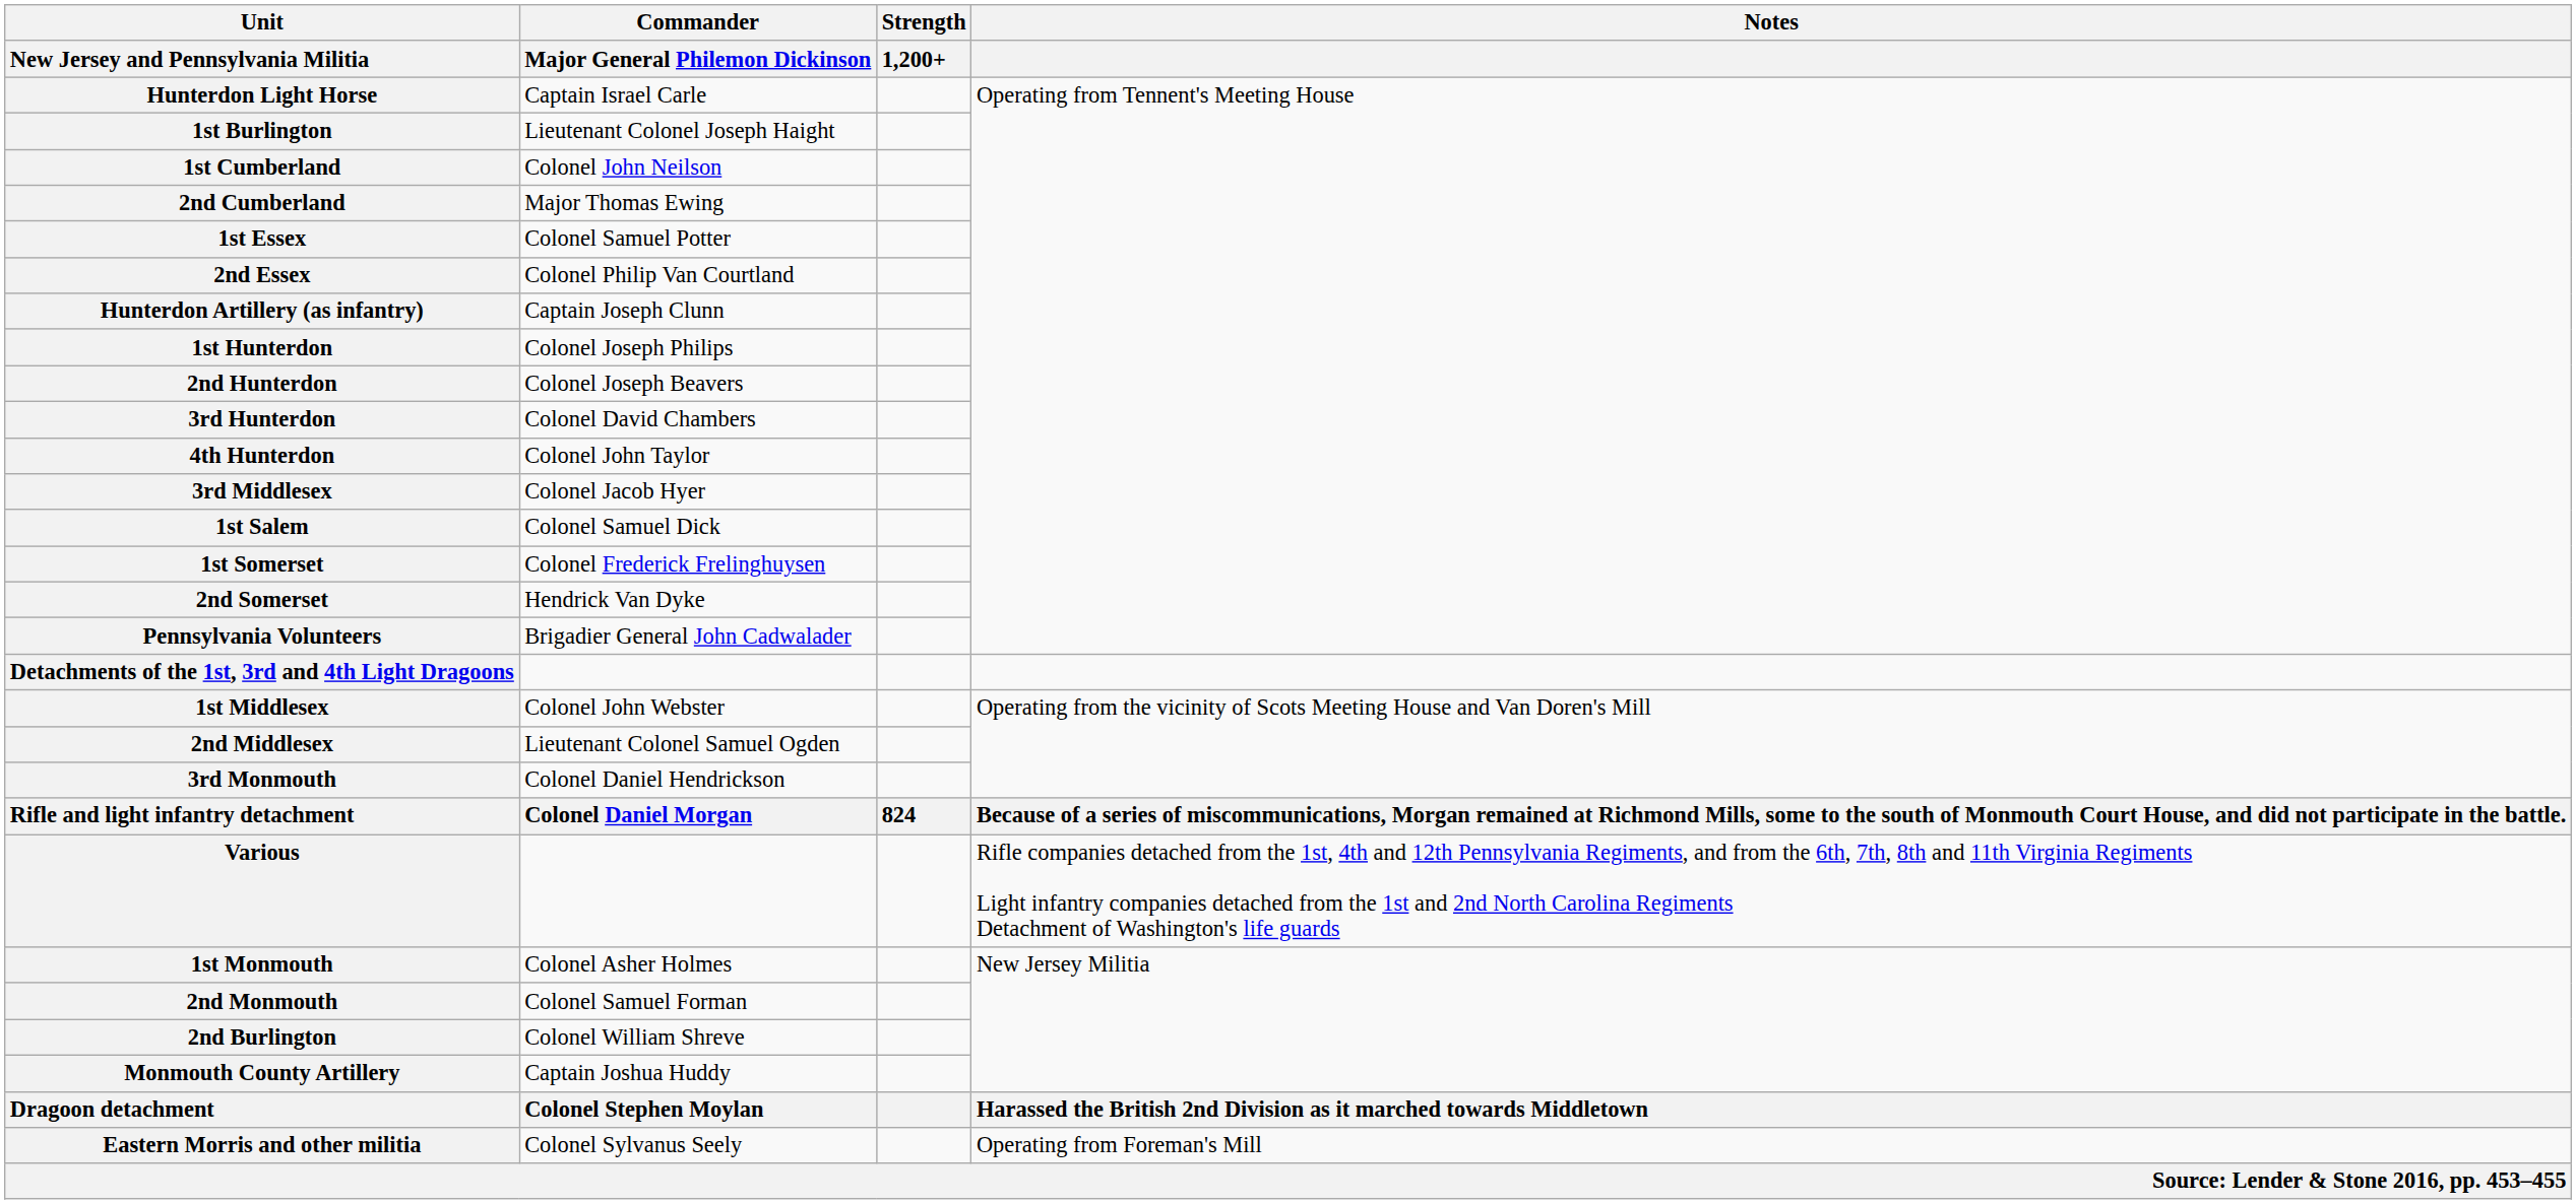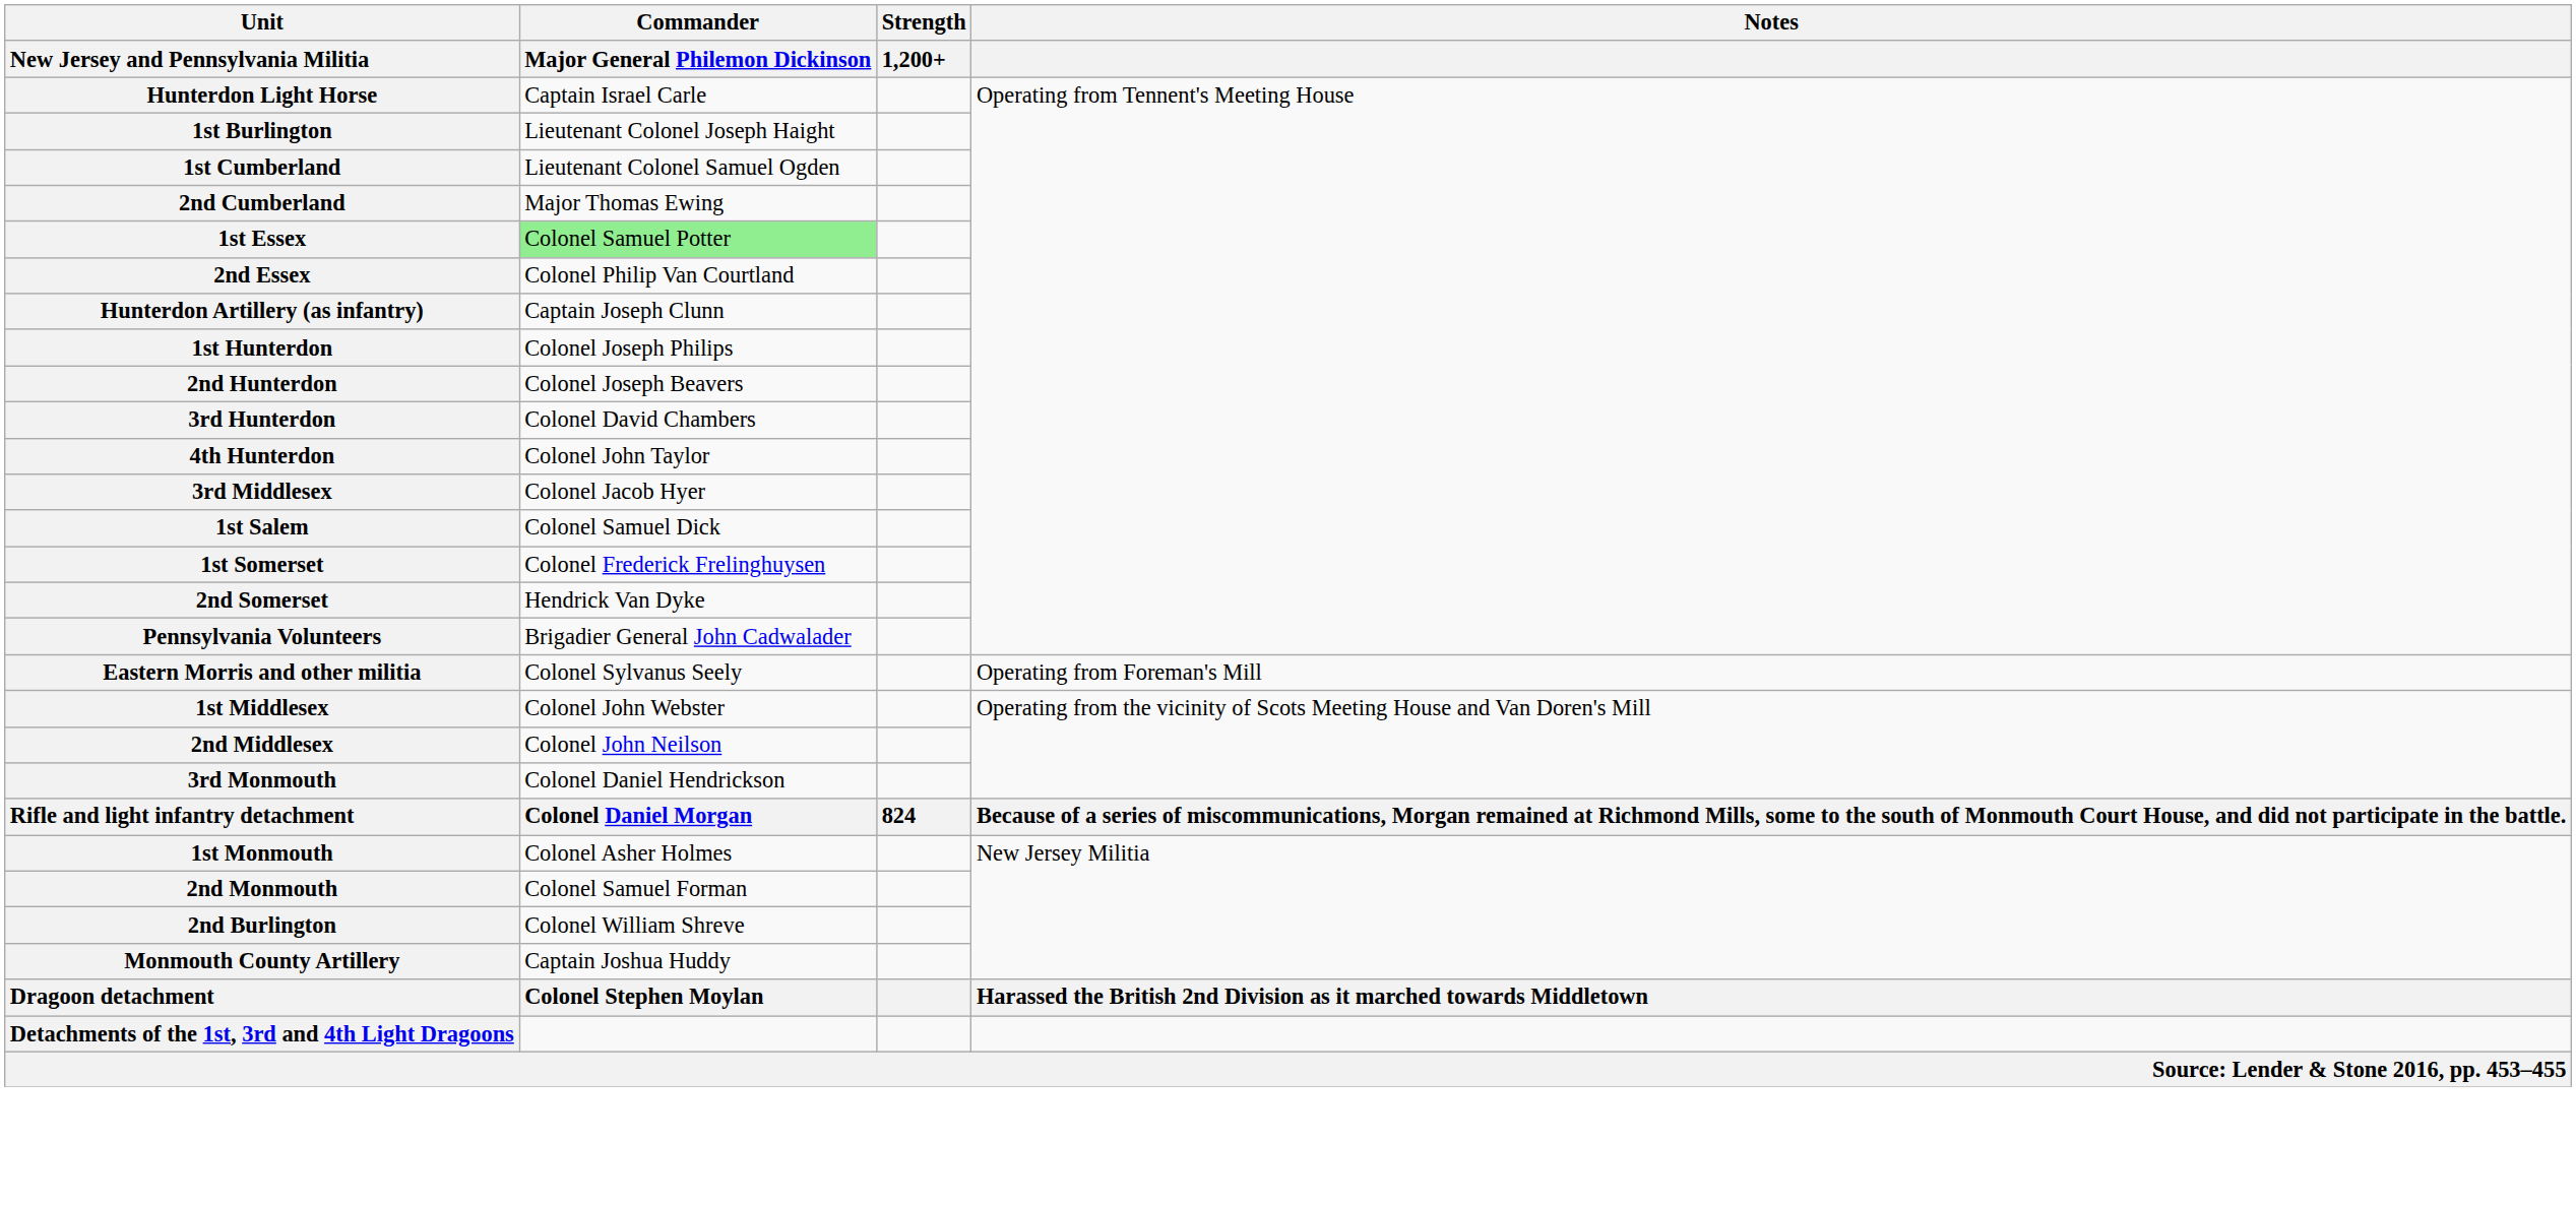 <table class="wikitable plainrowheaders">
 <tr>
 <th scope="col">Unit</th>
 <th scope="col">Commander</th>
 <th scope="col">Strength</th>
 <th scope="col">Notes</th>
 </tr>
 <tr>
 <th scope="col" style="text-align: left;">New Jersey and Pennsylvania Militia</th>
 <th scope="row" style="text-align: left;">Major General <a href='#'>Philemon Dickinson</a></th>
 <th scope="row" style="text-align: left;">1,200+</th>
 <th scope="row" style="text-align: left;"></th>
 </tr>
 <tr>
 <th scope="row">Hunterdon Light Horse</th>
 <td>Captain Israel Carle</td>
 <td></td>
 <td rowspan="16"  style="vertical-align: top;">Operating from Tennent's Meeting House</td>
 </tr>
 <tr>
 <th scope="row">1st Burlington</th>
 <td>Lieutenant Colonel Joseph Haight</td>
 <td></td>
 </tr>
 <tr>
 <th scope="row">1st Cumberland</th>
-<td>Colonel <a href='#'>John Neilson</a></td>
+<td>Lieutenant Colonel Samuel Ogden</td>
 <td></td>
 </tr>
 <tr>
 <th scope="row">2nd Cumberland</th>
 <td>Major Thomas Ewing</td>
 <td></td>
 </tr>
 <tr>
 <th scope="row">1st Essex</th>
-<td>Colonel Samuel Potter</td>
+<td style="background: lightgreen;">Colonel Samuel Potter</td>
 <td></td>
 </tr>
 <tr>
 <th scope="row">2nd Essex</th>
 <td>Colonel Philip Van Courtland</td>
 <td></td>
 </tr>
 <tr>
 <th scope="row">Hunterdon Artillery (as infantry)</th>
 <td>Captain Joseph Clunn</td>
 <td></td>
 </tr>
 <tr>
 <th scope="row">1st Hunterdon</th>
 <td>Colonel Joseph Philips</td>
 <td></td>
 </tr>
 <tr>
 <th scope="row">2nd Hunterdon</th>
 <td>Colonel Joseph Beavers</td>
 <td></td>
 </tr>
 <tr>
 <th scope="row">3rd Hunterdon</th>
 <td>Colonel David Chambers</td>
 <td></td>
 </tr>
 <tr>
 <th scope="row">4th Hunterdon</th>
 <td>Colonel John Taylor</td>
 <td></td>
 </tr>
 <tr>
 <th scope="row">3rd Middlesex</th>
 <td>Colonel Jacob Hyer</td>
 <td></td>
 </tr>
 <tr>
 <th scope="row">1st Salem</th>
 <td>Colonel Samuel Dick</td>
 <td></td>
 </tr>
 <tr>
 <th scope="row">1st Somerset</th>
 <td>Colonel <a href='#'>Frederick Frelinghuysen</a></td>
 <td></td>
 </tr>
 <tr>
 <th scope="row">2nd Somerset</th>
 <td>Hendrick Van Dyke</td>
 <td></td>
 </tr>
 <tr>
 <th scope="row">Pennsylvania Volunteers</th>
 <td>Brigadier General <a href='#'>John Cadwalader</a></td>
 <td></td>
 </tr>
 <tr>
-<th scope="row">Detachments of the <a href='#'>1st</a>, <a href='#'>3rd</a> and <a href='#'>4th Light Dragoons</a></th>
+<th scope="row">Eastern Morris and other militia</th>
+<td>Colonel Sylvanus Seely</td>
 <td></td>
-<td></td>
-<td></td>
+<td>Operating from Foreman's Mill</td>
 </tr>
 <tr>
 <th scope="row">1st Middlesex</th>
 <td>Colonel John Webster</td>
 <td></td>
 <td rowspan="3"  style="vertical-align: top;">Operating from the vicinity of Scots Meeting House and Van Doren's Mill</td>
 </tr>
 <tr>
 <th scope="row">2nd Middlesex</th>
-<td>Lieutenant Colonel Samuel Ogden</td>
+<td>Colonel <a href='#'>John Neilson</a></td>
 <td></td>
 </tr>
 <tr>
 <th scope="row">3rd Monmouth</th>
 <td>Colonel Daniel Hendrickson</td>
 <td></td>
 </tr>
 <tr>
 <th scope="col" style="text-align: left;">Rifle and light infantry detachment</th>
 <th scope="row" style="text-align: left;">Colonel <a href='#'>Daniel Morgan</a></th>
 <th scope="row" style="text-align: left;">824</th>
 <th scope="row" style="text-align: left;">Because of a series of miscommunications, Morgan remained at Richmond Mills, some  to the south of Monmouth Court House, and did not participate in the battle.</th>
-</tr>
-<tr>
-<th scope="row" style="vertical-align: top;">Various</th>
-<td></td>
-<td></td>
-<td>Rifle companies detached from the <a href='#'>1st</a>, <a href='#'>4th</a> and <a href='#'>12th Pennsylvania Regiments</a>, and from the <a href='#'>6th</a>, <a href='#'>7th</a>, <a href='#'>8th</a> and <a href='#'>11th Virginia Regiments</a><br><br>Light infantry companies detached from the <a href='#'>1st</a> and <a href='#'>2nd North Carolina Regiments</a><br> Detachment of Washington's <a href='#'>life guards</a></td>
 </tr>
 <tr>
 <th scope="row">1st Monmouth</th>
 <td>Colonel Asher Holmes</td>
 <td></td>
 <td rowspan="4"  style="vertical-align: top;">New Jersey Militia</td>
 </tr>
 <tr>
 <th scope="row">2nd Monmouth</th>
 <td>Colonel Samuel Forman</td>
 <td></td>
 </tr>
 <tr>
 <th scope="row">2nd Burlington</th>
 <td>Colonel William Shreve</td>
 <td></td>
 </tr>
 <tr>
 <th scope="row">Monmouth County Artillery</th>
 <td>Captain Joshua Huddy</td>
 <td></td>
 </tr>
 <tr>
 <th scope="col" style="text-align: left;">Dragoon detachment</th>
 <th scope="row" style="text-align: left;">Colonel Stephen Moylan</th>
 <th scope="row" style="text-align: left;"></th>
 <th scope="row" style="text-align: left;">Harassed the British 2nd Division as it marched towards Middletown</th>
 </tr>
 <tr>
-<th scope="row">Eastern Morris and other militia</th>
-<td>Colonel Sylvanus Seely</td>
+<th scope="row">Detachments of the <a href='#'>1st</a>, <a href='#'>3rd</a> and <a href='#'>4th Light Dragoons</a></th>
 <td></td>
-<td>Operating from Foreman's Mill</td>
+<td></td>
+<td></td>
 </tr>
 <tr>
 <th scope="row" colspan="4" style="border: none; text-align: right;">Source: Lender & Stone 2016, pp. 453–455</th>
 </tr>
 <tr>
 </tr>
 </table>
